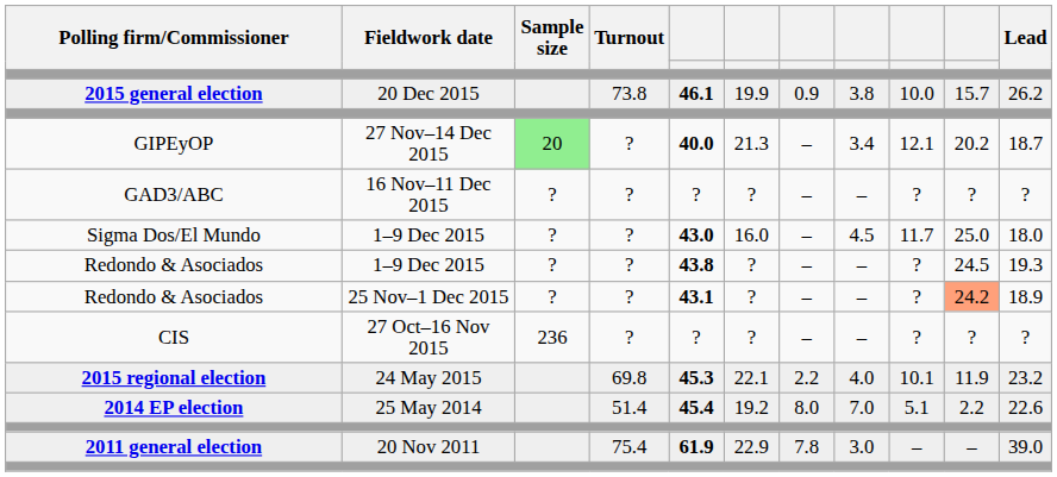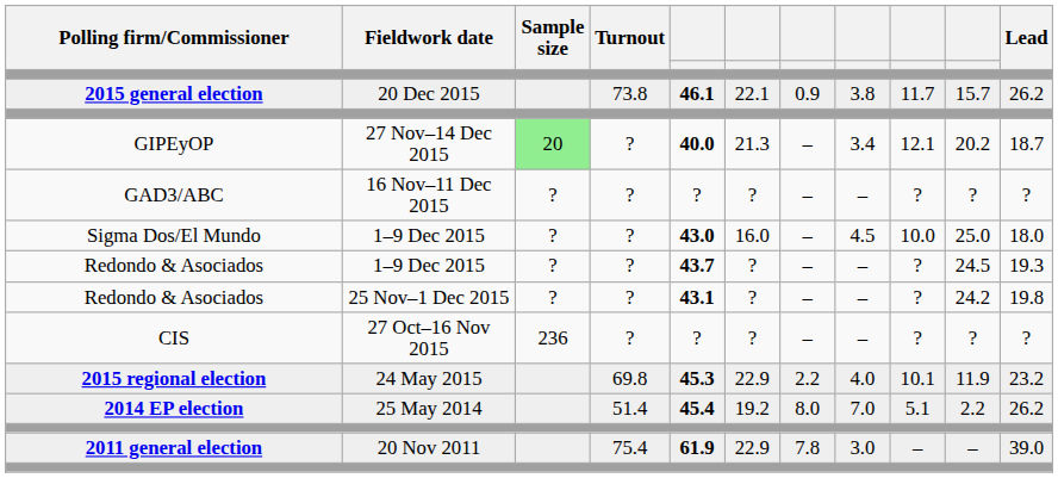 <table class="wikitable collapsible collapsed" style="text-align:center; font-size:95%; line-height:16px;">
 <tr style="height:42px; background-color:#E9E9E9">
 <th style="width:250px;" rowspan="2">Polling firm/Commissioner</th>
 <th style="width:125px;" rowspan="2">Fieldwork date</th>
 <th style="width:50px;" rowspan="2">Sample size</th>
 <th style="width:45px;" rowspan="2">Turnout</th>
 <th style="width:35px;"></th>
 <th style="width:35px;"></th>
 <th style="width:35px;"></th>
 <th style="width:35px;"></th>
 <th style="width:35px;"></th>
 <th style="width:35px;"></th>
 <th style="width:30px;" rowspan="2">Lead</th>
 </tr>
 <tr>
 <th style="color:inherit;background:"></th>
 <th style="color:inherit;background:"></th>
 <th style="color:inherit;background:"></th>
 <th style="color:inherit;background:"></th>
 <th style="color:inherit;background:"></th>
 <th style="color:inherit;background:"></th>
 </tr>
 <tr>
 <td colspan="11" style="background:#A0A0A0"></td>
 </tr>
 <tr style="background:#EFEFEF;">
 <td><strong><a href='#'>2015 general election</a></strong></td>
 <td>20 Dec 2015</td>
 <td></td>
 <td>73.8</td>
 <td><strong>46.1</strong><br></td>
-<td>19.9<br></td>
+<td>22.1<br></td>
 <td>0.9<br></td>
 <td>3.8<br></td>
-<td>10.0<br></td>
+<td>11.7<br></td>
 <td>15.7<br></td>
 <td style="background:">26.2</td>
 </tr>
 <tr>
 <td colspan="11" style="background:#A0A0A0"></td>
 </tr>
 <tr>
 <td>GIPEyOP</td>
 <td>27 Nov–14 Dec 2015</td>
 <td style="background: lightgreen;">20</td>
 <td>?</td>
 <td><strong>40.0</strong><br></td>
 <td>21.3<br></td>
 <td>–</td>
 <td>3.4<br></td>
 <td>12.1<br></td>
 <td>20.2<br></td>
 <td style="background:">18.7</td>
 </tr>
 <tr>
 <td>GAD3/ABC</td>
 <td>16 Nov–11 Dec 2015</td>
 <td>?</td>
 <td>?</td>
 <td>?<br></td>
 <td>?<br></td>
 <td>–</td>
 <td>–</td>
 <td>?<br></td>
 <td>?<br></td>
 <td style="background:">?</td>
 </tr>
 <tr>
 <td>Sigma Dos/El Mundo</td>
 <td>1–9 Dec 2015</td>
 <td>?</td>
 <td>?</td>
 <td><strong>43.0</strong><br></td>
 <td>16.0<br></td>
 <td>–</td>
 <td>4.5<br></td>
-<td>11.7<br></td>
+<td>10.0<br></td>
 <td>25.0<br></td>
 <td style="background:">18.0</td>
 </tr>
 <tr>
 <td>Redondo & Asociados</td>
 <td>1–9 Dec 2015</td>
 <td>?</td>
 <td>?</td>
-<td><strong>43.8</strong><br></td>
+<td><strong>43.7</strong><br></td>
 <td>?<br></td>
 <td>–</td>
 <td>–</td>
 <td>?<br></td>
 <td>24.5<br></td>
 <td style="background:">19.3</td>
 </tr>
 <tr>
 <td>Redondo & Asociados</td>
 <td>25 Nov–1 Dec 2015</td>
 <td>?</td>
 <td>?</td>
 <td><strong>43.1</strong><br></td>
 <td>?<br></td>
 <td>–</td>
 <td>–</td>
 <td>?<br></td>
-<td style="background: lightsalmon;">24.2<br></td>
-<td style="background:">18.9</td>
+<td>24.2<br></td>
+<td style="background:">19.8</td>
 </tr>
 <tr>
 <td>CIS</td>
 <td>27 Oct–16 Nov 2015</td>
 <td>236</td>
 <td>?</td>
 <td>?<br></td>
 <td>?<br></td>
 <td>–</td>
 <td>–</td>
 <td>?<br></td>
 <td>?<br></td>
 <td style="background:">?</td>
 </tr>
 <tr style="background:#EFEFEF;">
 <td><strong><a href='#'>2015 regional election</a></strong></td>
 <td>24 May 2015</td>
 <td></td>
 <td>69.8</td>
 <td><strong>45.3</strong><br></td>
-<td>22.1<br></td>
+<td>22.9<br></td>
 <td>2.2<br></td>
 <td>4.0<br></td>
 <td>10.1<br></td>
 <td>11.9<br></td>
 <td style="background:">23.2</td>
 </tr>
 <tr style="background:#EFEFEF;">
 <td><strong><a href='#'>2014 EP election</a></strong></td>
 <td>25 May 2014</td>
 <td></td>
 <td>51.4</td>
 <td><strong>45.4</strong><br></td>
 <td>19.2<br></td>
 <td>8.0<br></td>
 <td>7.0<br></td>
 <td>5.1<br></td>
 <td>2.2<br></td>
-<td style="background:">22.6</td>
+<td style="background:">26.2</td>
 </tr>
 <tr>
 <td colspan="11" style="background:#A0A0A0"></td>
 </tr>
 <tr style="background:#EFEFEF;">
 <td><strong><a href='#'>2011 general election</a></strong></td>
 <td>20 Nov 2011</td>
 <td></td>
 <td>75.4</td>
 <td><strong>61.9</strong><br></td>
 <td>22.9<br></td>
 <td>7.8<br></td>
 <td>3.0<br></td>
 <td>–</td>
 <td>–</td>
 <td style="background:">39.0</td>
 </tr>
 <tr>
 <td colspan="11" style="background:#A0A0A0"></td>
 </tr>
 </table>
